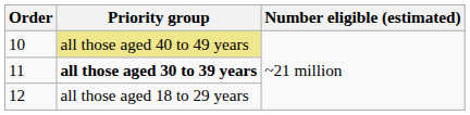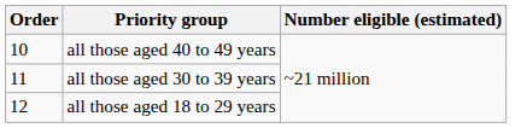 <table class="wikitable">
 <tr>
 <th>Order</th>
 <th>Priority group</th>
 <th>Number eligible (estimated)</th>
 </tr>
 <tr>
 <td>10</td>
-<td style="background: khaki;">all those aged 40 to 49 years</td>
+<td>all those aged 40 to 49 years</td>
 <td rowspan="3">~21 million</td>
 </tr>
 <tr>
 <td>11</td>
-<td><strong>all those aged 30 to 39 years</strong></td>
+<td>all those aged 30 to 39 years</td>
 </tr>
 <tr>
 <td>12</td>
 <td>all those aged 18 to 29 years</td>
 </tr>
 </table>
